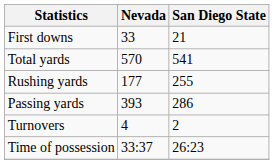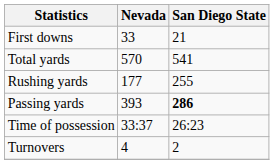 <table class="wikitable">
 <tr>
 <th>Statistics</th>
 <th>Nevada</th>
 <th>San Diego State</th>
 </tr>
 <tr>
 <td>First downs</td>
 <td>33</td>
 <td>21</td>
 </tr>
 <tr>
 <td>Total yards</td>
 <td>570</td>
 <td>541</td>
 </tr>
 <tr>
 <td>Rushing yards</td>
 <td>177</td>
 <td>255</td>
 </tr>
 <tr>
 <td>Passing yards</td>
 <td>393</td>
-<td>286</td>
+<td><strong>286</strong></td>
+</tr>
+<tr>
+<td>Time of possession</td>
+<td>33:37</td>
+<td>26:23</td>
 </tr>
 <tr>
 <td>Turnovers</td>
 <td>4</td>
 <td>2</td>
 </tr>
 <tr>
-<td>Time of possession</td>
-<td>33:37</td>
-<td>26:23</td>
-</tr>
-<tr>
 </tr>
 </table>
